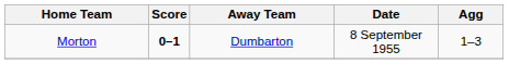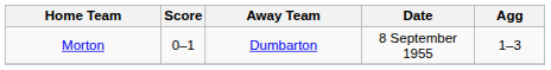 <table class="wikitable" style="text-align:center;">
 <tr>
 <th width=175>Home Team</th>
 <th width=20>Score</th>
 <th width=175>Away Team</th>
 <th width= 125>Date</th>
 <th width= 75>Agg</th>
 </tr>
 <tr>
 <td><a href='#'>Morton</a></td>
-<td><strong>0–1</strong></td>
+<td>0–1</td>
 <td><a href='#'>Dumbarton</a></td>
 <td>8 September 1955</td>
 <td>1–3</td>
 </tr>
 <tr>
 </tr>
 </table>
